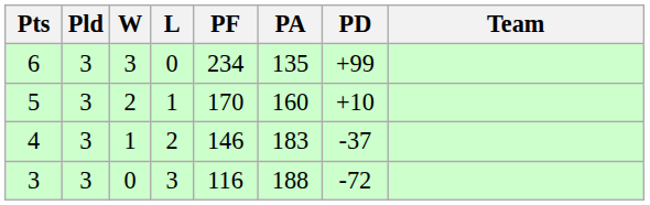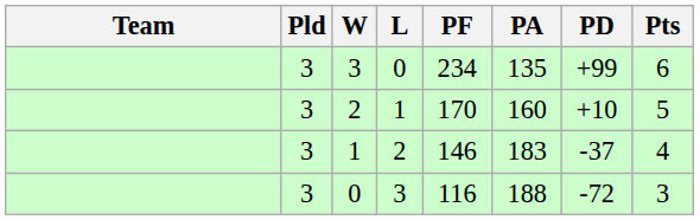 <table class=wikitable style="text-align:center">
 <tr>
-<th width=30>Pts</th>
+<th width=160>Team</th>
 <th width=20>Pld</th>
 <th width=20>W</th>
 <th width=20>L</th>
 <th width=35>PF</th>
 <th width=35>PA</th>
 <th width=35>PD</th>
-<th width=160>Team</th>
+<th width=30>Pts</th>
 </tr>
 <tr align="center" bgcolor="#CCFFCC">
-<td>6</td>
+<td align=left></td>
 <td>3</td>
 <td>3</td>
 <td>0</td>
 <td>234</td>
 <td>135</td>
 <td>+99</td>
-<td align=left></td>
+<td>6</td>
 </tr>
 <tr align="center" bgcolor="#CCFFCC">
-<td>5</td>
+<td align=left></td>
 <td>3</td>
 <td>2</td>
 <td>1</td>
 <td>170</td>
 <td>160</td>
 <td>+10</td>
-<td align=left></td>
+<td>5</td>
 </tr>
 <tr align="center" bgcolor="#CCFFCC">
-<td>4</td>
+<td align=left></td>
 <td>3</td>
 <td>1</td>
 <td>2</td>
 <td>146</td>
 <td>183</td>
 <td>-37</td>
-<td align=left></td>
+<td>4</td>
 </tr>
 <tr align="center" bgcolor="#CCFFCC">
-<td>3</td>
+<td align=left></td>
 <td>3</td>
 <td>0</td>
 <td>3</td>
 <td>116</td>
 <td>188</td>
 <td>-72</td>
-<td align=left></td>
+<td>3</td>
 </tr>
 </table>
